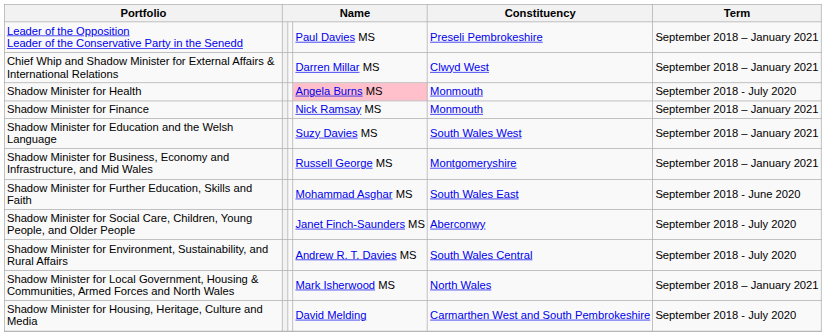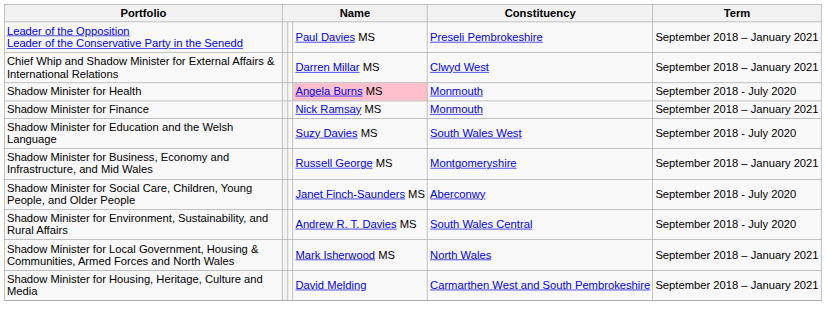 <table class="wikitable">
 <tr>
 <th style="width: 390px">Portfolio</th>
 <th colspan="3">Name</th>
 <th>Constituency</th>
 <th>Term</th>
 </tr>
 <tr>
 <td><a href='#'>Leader of the Opposition</a><br><a href='#'>Leader of the Conservative Party in the Senedd</a></td>
 <th style="background-color: "></th>
 <td></td>
 <td><a href='#'>Paul Davies</a> MS</td>
 <td><a href='#'>Preseli Pembrokeshire</a></td>
 <td>September 2018 – January 2021</td>
 </tr>
 <tr>
 <td>Chief Whip and Shadow Minister for External Affairs & International Relations</td>
 <th style="background-color: "></th>
 <td></td>
 <td><a href='#'>Darren Millar</a> MS</td>
 <td><a href='#'>Clwyd West</a></td>
 <td>September 2018 – January 2021</td>
 </tr>
 <tr>
 <td>Shadow Minister for Health</td>
 <th style="background-color: "></th>
 <td></td>
 <td style="background: pink;"><a href='#'>Angela Burns</a> MS</td>
 <td><a href='#'>Monmouth</a></td>
 <td>September 2018 - July 2020</td>
 </tr>
 <tr>
 <td>Shadow Minister for Finance</td>
 <th style="background-color: "></th>
 <td></td>
 <td><a href='#'>Nick Ramsay</a> MS</td>
 <td><a href='#'>Monmouth</a></td>
 <td>September 2018 – January 2021</td>
 </tr>
 <tr>
 <td>Shadow Minister for Education and the Welsh Language</td>
 <th style="background-color: "></th>
 <td></td>
 <td><a href='#'>Suzy Davies</a> MS</td>
 <td><a href='#'>South Wales West</a></td>
-<td>September 2018 – January 2021</td>
+<td>September 2018 - July 2020</td>
 </tr>
 <tr>
 <td>Shadow Minister for Business, Economy and Infrastructure, and Mid Wales</td>
 <th style="background-color: "></th>
 <td></td>
 <td><a href='#'>Russell George</a> MS</td>
 <td><a href='#'>Montgomeryshire</a></td>
 <td>September 2018 – January 2021</td>
-</tr>
-<tr>
-<td>Shadow Minister for Further Education, Skills and Faith</td>
-<th style="background-color: "></th>
-<td></td>
-<td><a href='#'>Mohammad Asghar</a> MS</td>
-<td><a href='#'>South Wales East</a></td>
-<td>September 2018 - June 2020</td>
 </tr>
 <tr>
 <td>Shadow Minister for Social Care, Children, Young People, and Older People</td>
 <th style="background-color: "></th>
 <td></td>
 <td><a href='#'>Janet Finch-Saunders</a> MS</td>
 <td><a href='#'>Aberconwy</a></td>
 <td>September 2018 - July 2020</td>
 </tr>
 <tr>
 <td>Shadow Minister for Environment, Sustainability, and Rural Affairs</td>
 <th style="background-color: "></th>
 <td></td>
 <td><a href='#'>Andrew R. T. Davies</a> MS</td>
 <td><a href='#'>South Wales Central</a></td>
 <td>September 2018 - July 2020</td>
 </tr>
 <tr>
 <td>Shadow Minister for Local Government, Housing & Communities, Armed Forces and North Wales</td>
 <th style="background-color: "></th>
 <td></td>
 <td><a href='#'>Mark Isherwood</a> MS</td>
 <td><a href='#'>North Wales</a></td>
 <td>September 2018 – January 2021</td>
 </tr>
 <tr>
 <td>Shadow Minister for Housing, Heritage, Culture and Media</td>
 <th style="background-color: "></th>
 <td></td>
 <td><a href='#'>David Melding</a></td>
 <td><a href='#'>Carmarthen West and South Pembrokeshire</a></td>
-<td>September 2018 - July 2020</td>
+<td>September 2018 – January 2021</td>
 </tr>
 <tr>
 </tr>
 </table>
